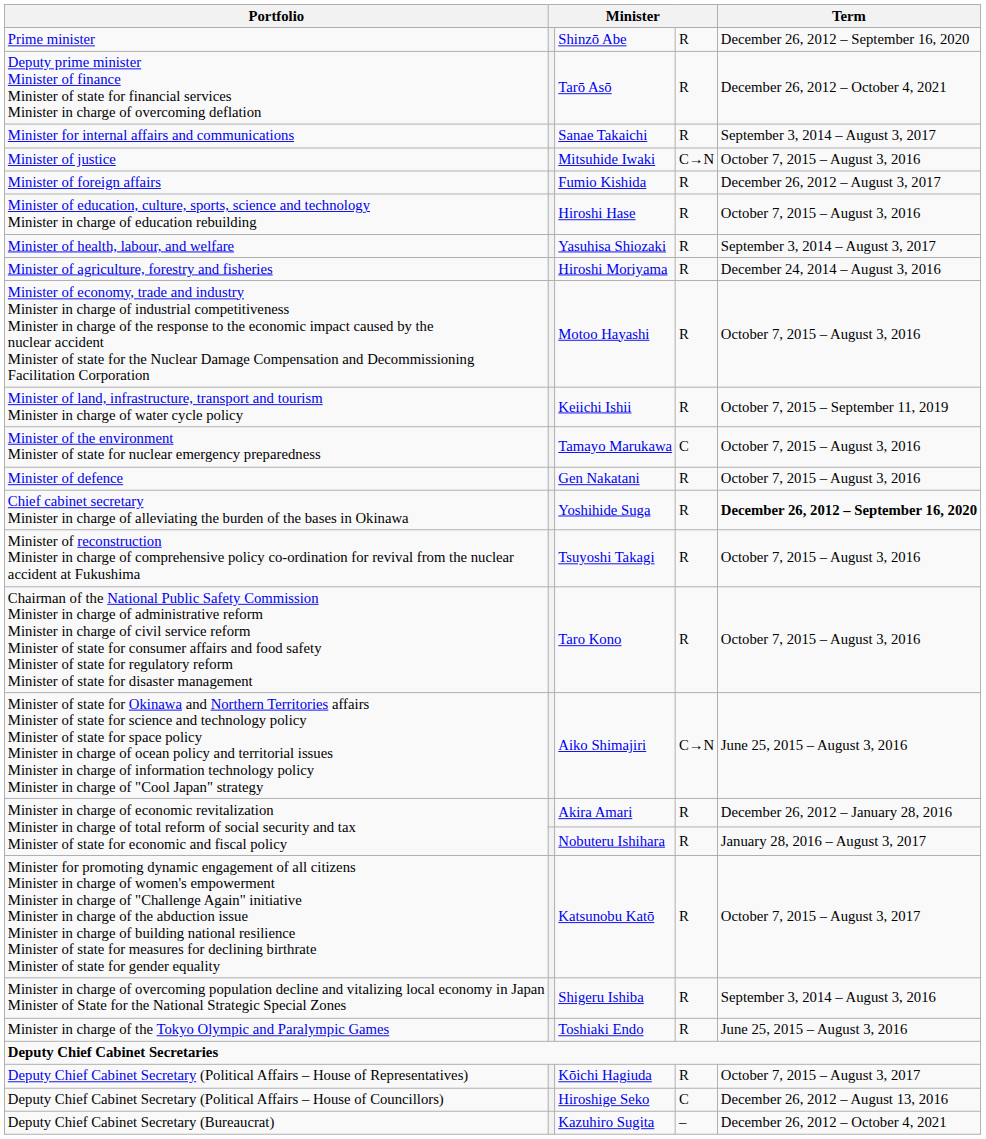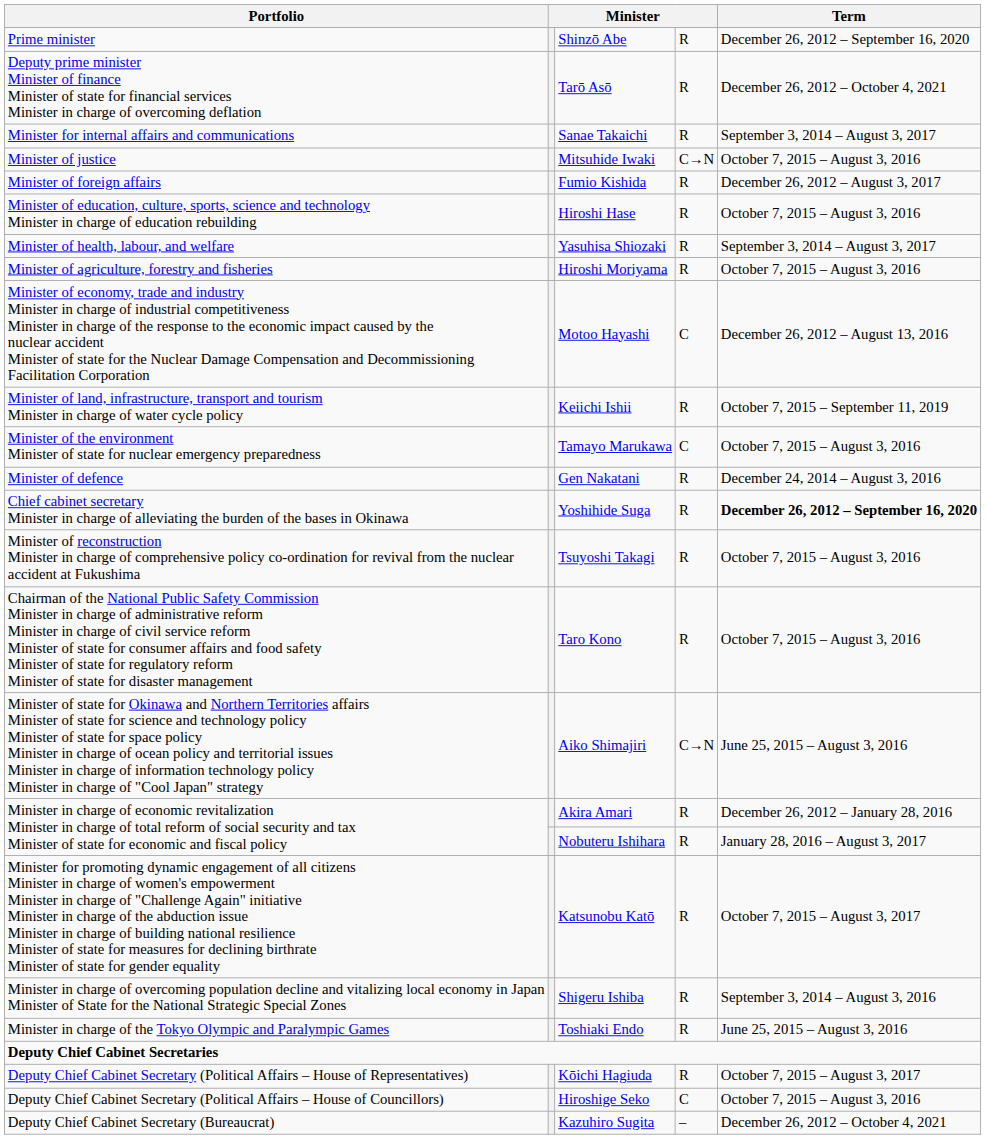 <table class="wikitable">
 <tr>
 <th>Portfolio</th>
 <th colspan=3>Minister</th>
 <th colspan=2>Term</th>
 </tr>
 <tr>
 <td><a href='#'>Prime minister</a></td>
 <th style="color:inherit;background-color: "></th>
 <td><a href='#'>Shinzō Abe</a></td>
 <td>R</td>
 <td>December 26, 2012 – September 16, 2020</td>
 </tr>
 <tr>
 <td><a href='#'>Deputy prime minister</a><br><a href='#'>Minister of finance</a><br>Minister of state for financial services<br>Minister in charge of overcoming deflation</td>
 <th style="color:inherit;background-color: "></th>
 <td><a href='#'>Tarō Asō</a></td>
 <td>R</td>
 <td>December 26, 2012 – October 4, 2021</td>
 </tr>
 <tr>
 <td><a href='#'>Minister for internal affairs and communications</a></td>
 <th style="color:inherit;background-color: "></th>
 <td><a href='#'>Sanae Takaichi</a></td>
 <td>R</td>
 <td>September 3, 2014 – August 3, 2017</td>
 </tr>
 <tr>
 <td><a href='#'>Minister of justice</a></td>
 <th style="color:inherit;background-color: "></th>
 <td><a href='#'>Mitsuhide Iwaki</a></td>
 <td>C→N</td>
 <td>October 7, 2015 – August 3, 2016</td>
 </tr>
 <tr>
 <td><a href='#'>Minister of foreign affairs</a></td>
 <th style="color:inherit;background-color: "></th>
 <td><a href='#'>Fumio Kishida</a></td>
 <td>R</td>
 <td>December 26, 2012 – August 3, 2017</td>
 </tr>
 <tr>
 <td><a href='#'>Minister of education, culture, sports, science and technology</a><br>Minister in charge of education rebuilding</td>
 <th style="color:inherit;background-color: "></th>
 <td><a href='#'>Hiroshi Hase</a></td>
 <td>R</td>
 <td>October 7, 2015 – August 3, 2016</td>
 </tr>
 <tr>
 <td><a href='#'>Minister of health, labour, and welfare</a></td>
 <th style="color:inherit;background-color: "></th>
 <td><a href='#'>Yasuhisa Shiozaki</a></td>
 <td>R</td>
 <td>September 3, 2014 – August 3, 2017</td>
 </tr>
 <tr>
 <td><a href='#'>Minister of agriculture, forestry and fisheries</a></td>
 <th style="color:inherit;background-color: "></th>
 <td><a href='#'>Hiroshi Moriyama</a></td>
 <td>R</td>
-<td>December 24, 2014 – August 3, 2016</td>
+<td>October 7, 2015 – August 3, 2016</td>
 </tr>
 <tr>
 <td><a href='#'>Minister of economy, trade and industry</a><br>Minister in charge of industrial competitiveness<br>Minister in charge of the response to the economic impact caused by the<br>nuclear accident<br>Minister of state for the Nuclear Damage Compensation and Decommissioning<br>Facilitation Corporation</td>
 <th style="color:inherit;background-color: "></th>
 <td><a href='#'>Motoo Hayashi</a></td>
-<td>R</td>
-<td>October 7, 2015 – August 3, 2016</td>
+<td>C</td>
+<td>December 26, 2012 – August 13, 2016</td>
 </tr>
 <tr>
 <td><a href='#'>Minister of land, infrastructure, transport and tourism</a><br>Minister in charge of water cycle policy</td>
 <th style="color:inherit;background-color: "></th>
 <td><a href='#'>Keiichi Ishii</a></td>
 <td>R</td>
 <td>October 7, 2015 – September 11, 2019</td>
 </tr>
 <tr>
 <td><a href='#'>Minister of the environment</a><br>Minister of state for nuclear emergency preparedness</td>
 <th style="color:inherit;background-color: "></th>
 <td><a href='#'>Tamayo Marukawa</a></td>
 <td>C</td>
 <td>October 7, 2015 – August 3, 2016</td>
 </tr>
 <tr>
 <td><a href='#'>Minister of defence</a></td>
 <th style="color:inherit;background-color: "></th>
 <td><a href='#'>Gen Nakatani</a></td>
 <td>R</td>
-<td>October 7, 2015 – August 3, 2016</td>
+<td>December 24, 2014 – August 3, 2016</td>
 </tr>
 <tr>
 <td><a href='#'>Chief cabinet secretary</a><br>Minister in charge of alleviating the burden of the bases in Okinawa</td>
 <th style="color:inherit;background-color: "></th>
 <td><a href='#'>Yoshihide Suga</a></td>
 <td>R</td>
 <td><strong>December 26, 2012 – September 16, 2020</strong></td>
 </tr>
 <tr>
 <td>Minister of <a href='#'>reconstruction</a><br>Minister in charge of comprehensive policy co-ordination for revival from the nuclear<br>accident at Fukushima</td>
 <th style="color:inherit;background-color: "></th>
 <td><a href='#'>Tsuyoshi Takagi</a></td>
 <td>R</td>
 <td>October 7, 2015 – August 3, 2016</td>
 </tr>
 <tr>
 <td>Chairman of the <a href='#'>National Public Safety Commission</a><br>Minister in charge of administrative reform<br>Minister in charge of civil service reform<br>Minister of state for consumer affairs and food safety<br>Minister of state for regulatory reform<br>Minister of state for disaster management</td>
 <th style="color:inherit;background-color: "></th>
 <td><a href='#'>Taro Kono</a></td>
 <td>R</td>
 <td>October 7, 2015 – August 3, 2016</td>
 </tr>
 <tr>
 <td>Minister of state for <a href='#'>Okinawa</a> and <a href='#'>Northern Territories</a> affairs<br>Minister of state for science and technology policy<br>Minister of state for space policy<br>Minister in charge of ocean policy and territorial issues<br>Minister in charge of information technology policy<br>Minister in charge of "Cool Japan" strategy</td>
 <th style="color:inherit;background-color: "></th>
 <td><a href='#'>Aiko Shimajiri</a></td>
 <td>C→N</td>
 <td>June 25, 2015 – August 3, 2016</td>
 </tr>
 <tr>
 <td rowspan=2>Minister in charge of economic revitalization<br>Minister in charge of total reform of social security and tax<br>Minister of state for economic and fiscal policy</td>
 <th style="color:inherit;background-color: "></th>
 <td><a href='#'>Akira Amari</a></td>
 <td>R</td>
 <td>December 26, 2012 – January 28, 2016</td>
 </tr>
 <tr>
 <th style="color:inherit;background-color: "></th>
 <td><a href='#'>Nobuteru Ishihara</a></td>
 <td>R</td>
 <td>January 28, 2016 – August 3, 2017</td>
 </tr>
 <tr>
 <td>Minister for promoting dynamic engagement of all citizens<br>Minister in charge of women's empowerment<br>Minister in charge of "Challenge Again" initiative<br>Minister in charge of the abduction issue<br>Minister in charge of building national resilience<br>Minister of state for measures for declining birthrate<br>Minister of state for gender equality</td>
 <th style="color:inherit;background-color: "></th>
 <td><a href='#'>Katsunobu Katō</a></td>
 <td>R</td>
 <td>October 7, 2015 – August 3, 2017</td>
 </tr>
 <tr>
 <td>Minister in charge of overcoming population decline and vitalizing local economy in Japan<br>Minister of State for the National Strategic Special Zones</td>
 <th style="color:inherit;background-color: "></th>
 <td><a href='#'>Shigeru Ishiba</a></td>
 <td>R</td>
 <td>September 3, 2014 – August 3, 2016</td>
 </tr>
 <tr>
 <td>Minister in charge of the <a href='#'>Tokyo Olympic and Paralympic Games</a></td>
 <th style="color:inherit;background-color: "></th>
 <td><a href='#'>Toshiaki Endo</a></td>
 <td>R</td>
 <td>June 25, 2015 – August 3, 2016</td>
 </tr>
 <tr>
 <td colspan=5><strong>Deputy Chief Cabinet Secretaries</strong></td>
 </tr>
 <tr>
 <td><a href='#'>Deputy Chief Cabinet Secretary</a> (Political Affairs – House of Representatives)</td>
 <th style="color:inherit;background-color: "></th>
 <td><a href='#'>Kōichi Hagiuda</a></td>
 <td>R</td>
 <td>October 7, 2015 – August 3, 2017</td>
 </tr>
 <tr>
 <td>Deputy Chief Cabinet Secretary (Political Affairs – House of Councillors)</td>
 <th style="color:inherit;background-color: "></th>
 <td><a href='#'>Hiroshige Seko</a></td>
 <td>C</td>
-<td>December 26, 2012 – August 13, 2016</td>
+<td>October 7, 2015 – August 3, 2016</td>
 </tr>
 <tr>
 <td>Deputy Chief Cabinet Secretary (Bureaucrat)</td>
 <th style="color:inherit;background-color: "></th>
 <td><a href='#'>Kazuhiro Sugita</a></td>
 <td>–</td>
 <td>December 26, 2012 – October 4, 2021</td>
 </tr>
 </table>
